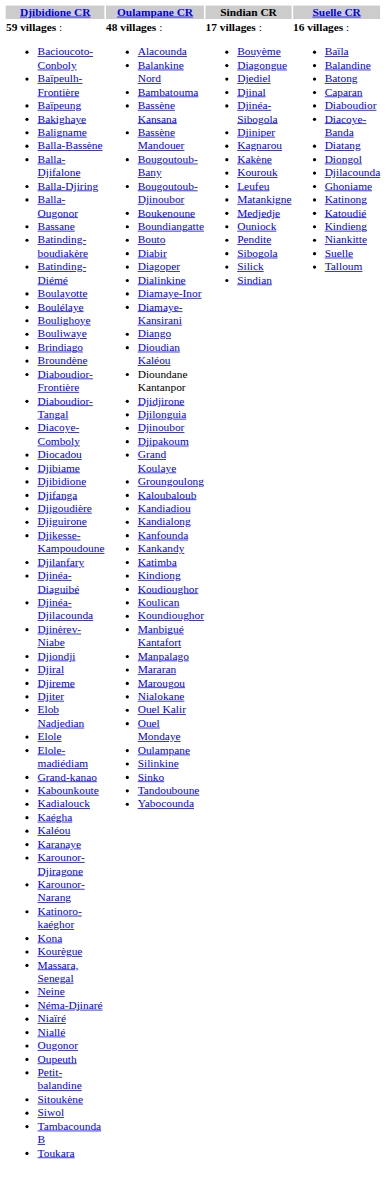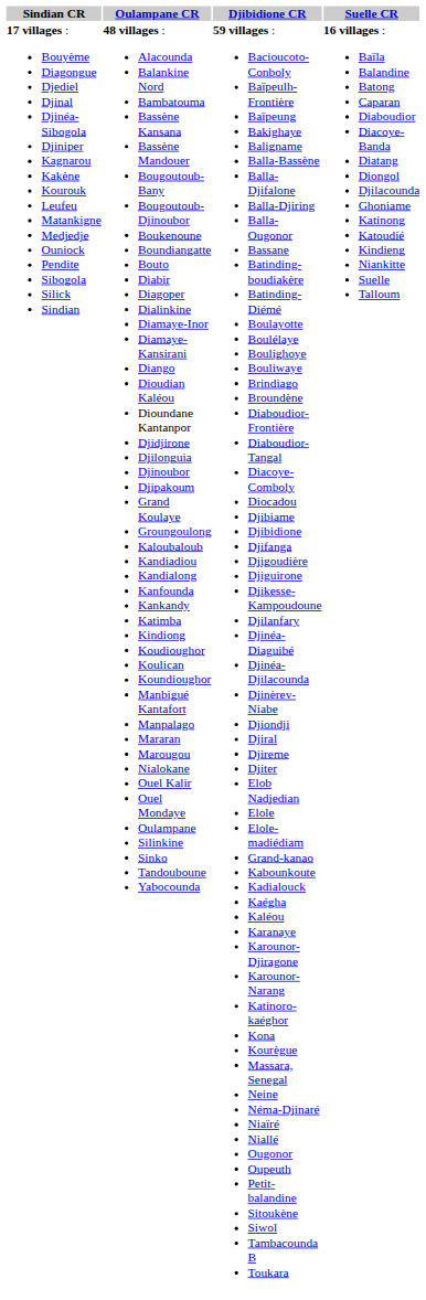 <table class="toc" cellpadding=0 cellspacing=2 width=450px style="padding: 0.5e text-align:left;clear:all; margin: 0 0 0.5em 1em;  background-color: #fff; font-size:90%">
 <tr bgcolor="cccccc">
+<th>Sindian CR</th>
+<th><a href='#'>Oulampane CR</a></th>
 <th><a href='#'>Djibidione CR</a></th>
-<th><a href='#'>Oulampane CR</a></th>
-<th>Sindian CR</th>
 <th><a href='#'>Suelle CR</a></th>
 </tr>
 <tr>
+<td valign=top><strong>17 villages</strong> :<br><ul><li><a href='#'>Bouyème</a></li><li><a href='#'>Diagongue</a></li><li><a href='#'>Djediel</a></li><li><a href='#'>Djinal</a></li><li><a href='#'>Djinéa-Sibogola</a></li><li><a href='#'>Djiniper</a></li><li><a href='#'>Kagnarou</a></li><li><a href='#'>Kakène</a></li><li><a href='#'>Kourouk</a></li><li><a href='#'>Leufeu</a></li><li><a href='#'>Matankigne</a></li><li><a href='#'>Medjedje</a></li><li><a href='#'>Ouniock</a></li><li><a href='#'>Pendite</a></li><li><a href='#'>Sibogola</a></li><li><a href='#'>Silick</a></li><li><a href='#'>Sindian</a></li></ul></td>
+<td valign=top><strong>48 villages</strong> :<br><ul><li><a href='#'>Alacounda</a></li><li><a href='#'>Balankine Nord</a></li><li><a href='#'>Bambatouma</a></li><li><a href='#'>Bassène Kansana</a></li><li><a href='#'>Bassène Mandouer</a></li><li><a href='#'>Bougoutoub-Bany</a></li><li><a href='#'>Bougoutoub-Djinoubor</a></li><li><a href='#'>Boukenoune</a></li><li><a href='#'>Boundiangatte</a></li><li><a href='#'>Bouto</a></li><li><a href='#'>Diabir</a></li><li><a href='#'>Diagoper</a></li><li><a href='#'>Dialinkine</a></li><li><a href='#'>Diamaye-Inor</a></li><li><a href='#'>Diamaye-Kansirani</a></li><li><a href='#'>Diango</a></li><li><a href='#'>Dioudian Kaléou</a></li><li>Dioundane Kantanpor</li><li><a href='#'>Djidjirone</a></li><li><a href='#'>Djilonguia</a></li><li><a href='#'>Djinoubor</a></li><li><a href='#'>Djipakoum</a></li><li><a href='#'>Grand Koulaye</a></li><li><a href='#'>Groungoulong</a></li><li><a href='#'>Kaloubaloub</a></li><li><a href='#'>Kandiadiou</a></li><li><a href='#'>Kandialong</a></li><li><a href='#'>Kanfounda</a></li><li><a href='#'>Kankandy</a></li><li><a href='#'>Katimba</a></li><li><a href='#'>Kindiong</a></li><li><a href='#'>Koudioughor</a></li><li><a href='#'>Koulican</a></li><li><a href='#'>Koundioughor</a></li><li><a href='#'>Manbigué Kantafort</a></li><li><a href='#'>Manpalago</a></li><li><a href='#'>Mararan</a></li><li><a href='#'>Marougou</a></li><li><a href='#'>Nialokane</a></li><li><a href='#'>Ouel Kalir</a></li><li><a href='#'>Ouel Mondaye</a></li><li><a href='#'>Oulampane</a></li><li><a href='#'>Silinkine</a></li><li><a href='#'>Sinko</a></li><li><a href='#'>Tandouboune</a></li><li><a href='#'>Yabocounda</a></li></ul></td>
 <td valign=top><strong>59 villages</strong> :<br><ul><li><a href='#'>Bacioucoto-Conboly</a></li><li><a href='#'>Baïpeulh-Frontière</a></li><li><a href='#'>Baïpeung</a></li><li><a href='#'>Bakighaye</a></li><li><a href='#'>Baligname</a></li><li><a href='#'>Balla-Bassène</a></li><li><a href='#'>Balla-Djifalone</a></li><li><a href='#'>Balla-Djiring</a></li><li><a href='#'>Balla-Ougonor</a></li><li><a href='#'>Bassane</a></li><li><a href='#'>Batinding-boudiakère</a></li><li><a href='#'>Batinding-Diémé</a></li><li><a href='#'>Boulayotte</a></li><li><a href='#'>Boulélaye</a></li><li><a href='#'>Boulighoye</a></li><li><a href='#'>Bouliwaye</a></li><li><a href='#'>Brindiago</a></li><li><a href='#'>Broundène</a></li><li><a href='#'>Diaboudior-Frontière</a></li><li><a href='#'>Diaboudior-Tangal</a></li><li><a href='#'>Diacoye-Comboly</a></li><li><a href='#'>Diocadou</a></li><li><a href='#'>Djibiame</a></li><li><a href='#'>Djibidione</a></li><li><a href='#'>Djifanga</a></li><li><a href='#'>Djigoudière</a></li><li><a href='#'>Djiguirone</a></li><li><a href='#'>Djikesse-Kampoudoune</a></li><li><a href='#'>Djilanfary</a></li><li><a href='#'>Djinéa-Diaguibé</a></li><li><a href='#'>Djinéa-Djilacounda</a></li><li><a href='#'>Djinèrev-Niabe</a></li><li><a href='#'>Djiondji</a></li><li><a href='#'>Djiral</a></li><li><a href='#'>Djireme</a></li><li><a href='#'>Djiter</a></li><li><a href='#'>Elob Nadjedian</a></li><li><a href='#'>Elole</a></li><li><a href='#'>Elole-madiédiam</a></li><li><a href='#'>Grand-kanao</a></li><li><a href='#'>Kabounkoute</a></li><li><a href='#'>Kadialouck</a></li><li><a href='#'>Kaégha</a></li><li><a href='#'>Kaléou</a></li><li><a href='#'>Karanaye</a></li><li><a href='#'>Karounor-Djiragone</a></li><li><a href='#'>Karounor-Narang</a></li><li><a href='#'>Katinoro-kaéghor</a></li><li><a href='#'>Kona</a></li><li><a href='#'>Kourègue</a></li><li><a href='#'>Massara, Senegal</a></li><li><a href='#'>Neine</a></li><li><a href='#'>Néma-Djinaré</a></li><li><a href='#'>Niaïré</a></li><li><a href='#'>Niallé</a></li><li><a href='#'>Ougonor</a></li><li><a href='#'>Oupeuth</a></li><li><a href='#'>Petit-balandine</a></li><li><a href='#'>Sitoukène</a></li><li><a href='#'>Siwol</a></li><li><a href='#'>Tambacounda B</a></li><li><a href='#'>Toukara</a></li></ul></td>
-<td valign=top><strong>48 villages</strong> :<br><ul><li><a href='#'>Alacounda</a></li><li><a href='#'>Balankine Nord</a></li><li><a href='#'>Bambatouma</a></li><li><a href='#'>Bassène Kansana</a></li><li><a href='#'>Bassène Mandouer</a></li><li><a href='#'>Bougoutoub-Bany</a></li><li><a href='#'>Bougoutoub-Djinoubor</a></li><li><a href='#'>Boukenoune</a></li><li><a href='#'>Boundiangatte</a></li><li><a href='#'>Bouto</a></li><li><a href='#'>Diabir</a></li><li><a href='#'>Diagoper</a></li><li><a href='#'>Dialinkine</a></li><li><a href='#'>Diamaye-Inor</a></li><li><a href='#'>Diamaye-Kansirani</a></li><li><a href='#'>Diango</a></li><li><a href='#'>Dioudian Kaléou</a></li><li>Dioundane Kantanpor</li><li><a href='#'>Djidjirone</a></li><li><a href='#'>Djilonguia</a></li><li><a href='#'>Djinoubor</a></li><li><a href='#'>Djipakoum</a></li><li><a href='#'>Grand Koulaye</a></li><li><a href='#'>Groungoulong</a></li><li><a href='#'>Kaloubaloub</a></li><li><a href='#'>Kandiadiou</a></li><li><a href='#'>Kandialong</a></li><li><a href='#'>Kanfounda</a></li><li><a href='#'>Kankandy</a></li><li><a href='#'>Katimba</a></li><li><a href='#'>Kindiong</a></li><li><a href='#'>Koudioughor</a></li><li><a href='#'>Koulican</a></li><li><a href='#'>Koundioughor</a></li><li><a href='#'>Manbigué Kantafort</a></li><li><a href='#'>Manpalago</a></li><li><a href='#'>Mararan</a></li><li><a href='#'>Marougou</a></li><li><a href='#'>Nialokane</a></li><li><a href='#'>Ouel Kalir</a></li><li><a href='#'>Ouel Mondaye</a></li><li><a href='#'>Oulampane</a></li><li><a href='#'>Silinkine</a></li><li><a href='#'>Sinko</a></li><li><a href='#'>Tandouboune</a></li><li><a href='#'>Yabocounda</a></li></ul></td>
-<td valign=top><strong>17 villages</strong> :<br><ul><li><a href='#'>Bouyème</a></li><li><a href='#'>Diagongue</a></li><li><a href='#'>Djediel</a></li><li><a href='#'>Djinal</a></li><li><a href='#'>Djinéa-Sibogola</a></li><li><a href='#'>Djiniper</a></li><li><a href='#'>Kagnarou</a></li><li><a href='#'>Kakène</a></li><li><a href='#'>Kourouk</a></li><li><a href='#'>Leufeu</a></li><li><a href='#'>Matankigne</a></li><li><a href='#'>Medjedje</a></li><li><a href='#'>Ouniock</a></li><li><a href='#'>Pendite</a></li><li><a href='#'>Sibogola</a></li><li><a href='#'>Silick</a></li><li><a href='#'>Sindian</a></li></ul></td>
 <td valign=top><strong>16 villages</strong> :<br><ul><li><a href='#'>Baïla</a></li><li><a href='#'>Balandine</a></li><li><a href='#'>Batong</a></li><li><a href='#'>Caparan</a></li><li><a href='#'>Diaboudior</a></li><li><a href='#'>Diacoye-Banda</a></li><li><a href='#'>Diatang</a></li><li><a href='#'>Diongol</a></li><li><a href='#'>Djilacounda</a></li><li><a href='#'>Ghoniame</a></li><li><a href='#'>Katinong</a></li><li><a href='#'>Katoudié</a></li><li><a href='#'>Kindieng</a></li><li><a href='#'>Niankitte</a></li><li><a href='#'>Suelle</a></li><li><a href='#'>Talloum</a></li></ul></td>
 </tr>
 </table>
